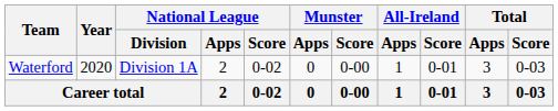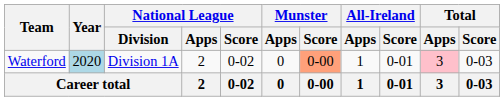 <table class="wikitable" style="text-align:center">
 <tr>
 <th rowspan="2">Team</th>
 <th rowspan="2">Year</th>
 <th colspan="3"><a href='#'>National League</a></th>
 <th colspan="2"><a href='#'>Munster</a></th>
 <th colspan="2"><a href='#'>All-Ireland</a></th>
 <th colspan="2">Total</th>
 </tr>
 <tr>
 <th>Division</th>
 <th>Apps</th>
 <th>Score</th>
 <th>Apps</th>
 <th>Score</th>
 <th>Apps</th>
 <th>Score</th>
 <th>Apps</th>
 <th>Score</th>
 </tr>
 <tr>
 <td rowspan="1"><a href='#'>Waterford</a></td>
-<td>2020</td>
+<td style="background: lightblue;">2020</td>
 <td rowspan="1"><a href='#'>Division 1A</a></td>
 <td>2</td>
 <td>0-02</td>
 <td>0</td>
-<td>0-00</td>
+<td style="background: lightsalmon;">0-00</td>
 <td>1</td>
 <td>0-01</td>
-<td>3</td>
+<td style="background: pink;">3</td>
 <td>0-03</td>
 </tr>
 <tr>
 <th colspan="3">Career total</th>
 <th>2</th>
 <th>0-02</th>
 <th>0</th>
 <th>0-00</th>
 <th>1</th>
 <th>0-01</th>
 <th>3</th>
 <th>0-03</th>
 </tr>
 </table>
